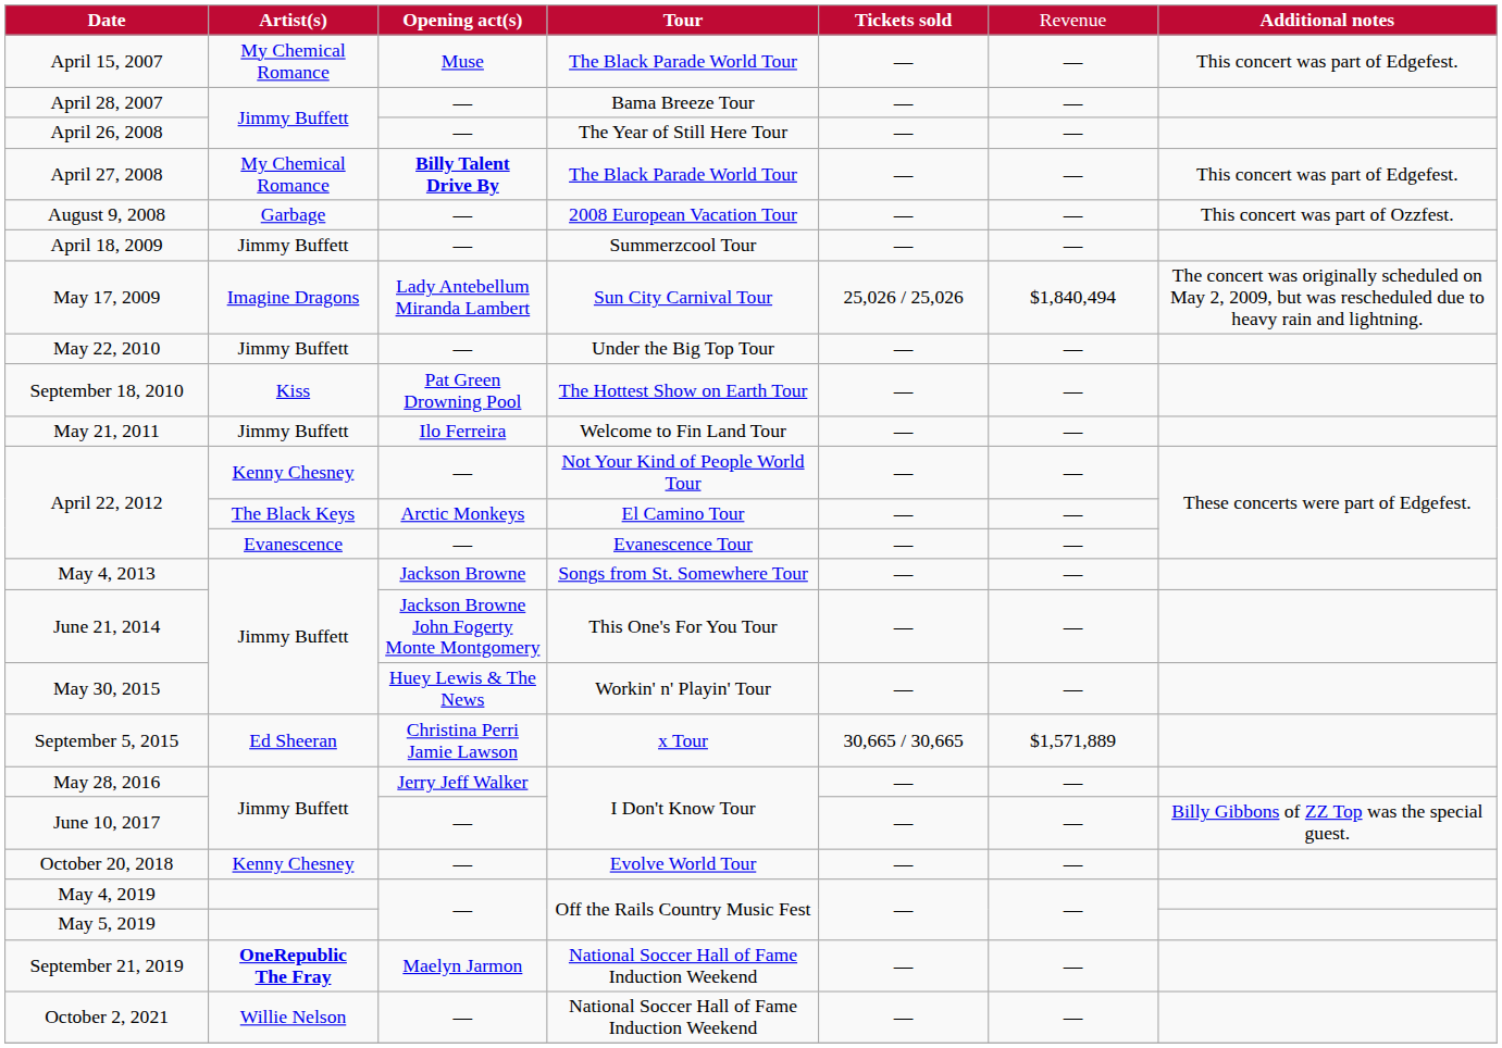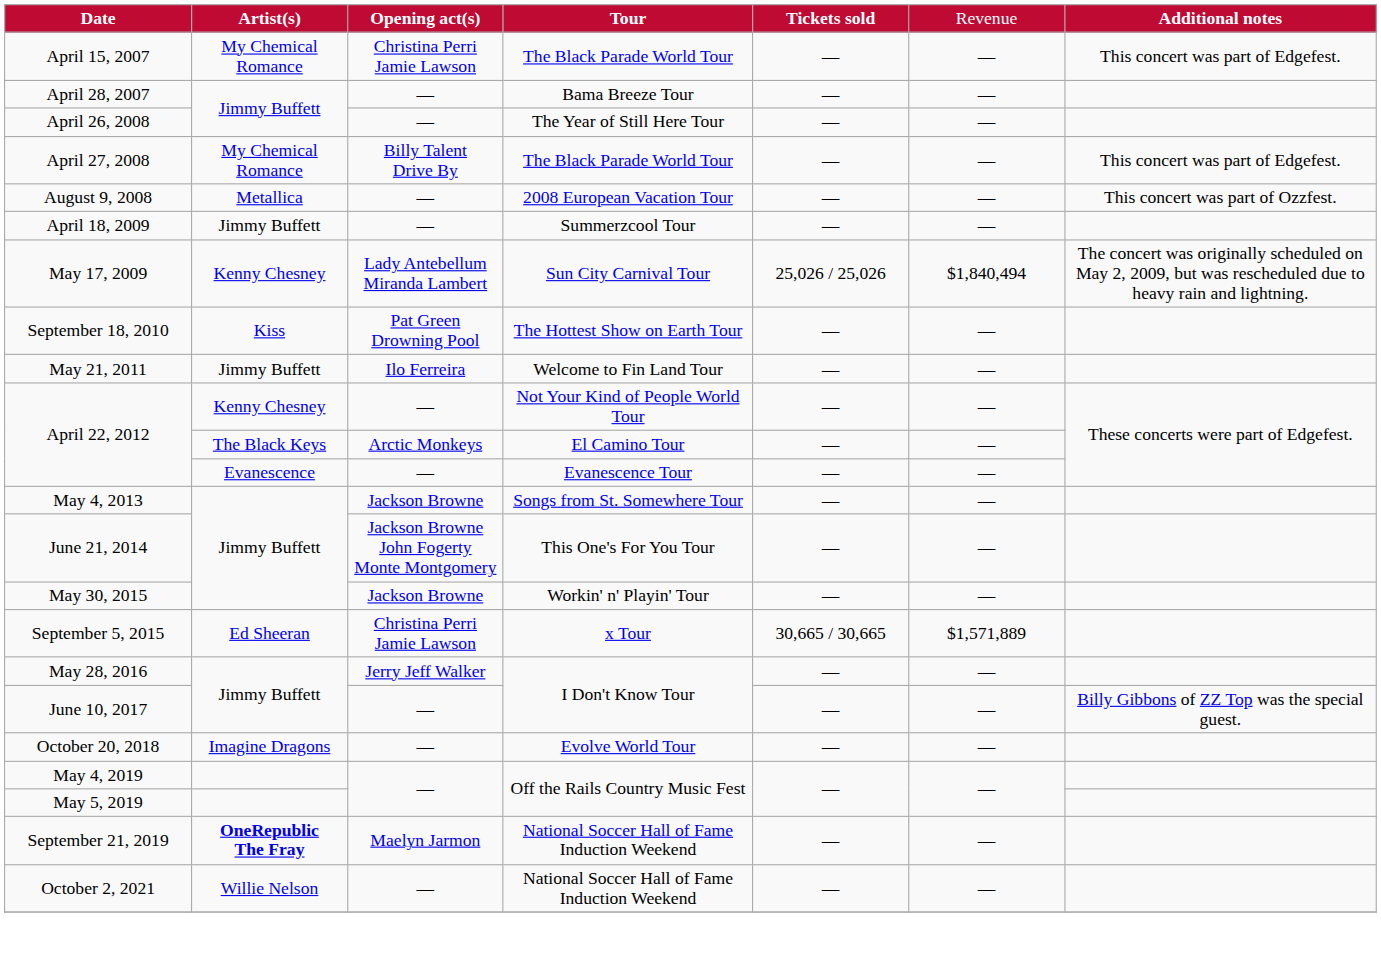 <table class="wikitable" style="text-align:center;">
 <tr>
 <th width=12% style="text-align:center; background:#BF0A34; color:white; ">Date</th>
 <th width=10% style="text-align:center; background:#BF0A34; color:white; ">Artist(s)</th>
 <th width=10% style="text-align:center; background:#BF0A34; color:white; ">Opening act(s)</th>
 <th width=16% style="text-align:center; background:#BF0A34; color:white; ">Tour</th>
 <th width=10% style="text-align:center; background:#BF0A34; color:white; ">Tickets sold</th>
 <td width=10% style="text-align:center; background:#BF0A34; color:white; ">Revenue</td>
 <th width=20% style="text-align:center; background:#BF0A34; color:white; ">Additional notes</th>
 </tr>
 <tr>
 <td>April 15, 2007</td>
 <td><a href='#'>My Chemical Romance</a></td>
-<td><a href='#'>Muse</a></td>
+<td><a href='#'>Christina Perri</a><br><a href='#'>Jamie Lawson</a></td>
 <td><a href='#'>The Black Parade World Tour</a></td>
 <td>—</td>
 <td>—</td>
 <td>This concert was part of Edgefest.</td>
 </tr>
 <tr>
 <td>April 28, 2007</td>
 <td rowspan="2"><a href='#'>Jimmy Buffett</a></td>
 <td>—</td>
 <td>Bama Breeze Tour</td>
 <td>—</td>
 <td>—</td>
 <td></td>
 </tr>
 <tr>
 <td>April 26, 2008</td>
 <td>—</td>
 <td>The Year of Still Here Tour</td>
 <td>—</td>
 <td>—</td>
 <td></td>
 </tr>
 <tr>
 <td>April 27, 2008</td>
 <td><a href='#'>My Chemical Romance</a></td>
-<td><strong><a href='#'>Billy Talent</a><br><a href='#'>Drive By</a></strong></td>
+<td><a href='#'>Billy Talent</a><br><a href='#'>Drive By</a></td>
 <td><a href='#'>The Black Parade World Tour</a></td>
 <td>—</td>
 <td>—</td>
 <td>This concert was part of Edgefest.</td>
 </tr>
 <tr>
 <td>August 9, 2008</td>
-<td><a href='#'>Garbage</a></td>
+<td><a href='#'>Metallica</a></td>
 <td>—</td>
 <td><a href='#'>2008 European Vacation Tour</a></td>
 <td>—</td>
 <td>—</td>
 <td>This concert was part of Ozzfest.</td>
 </tr>
 <tr>
 <td>April 18, 2009</td>
 <td>Jimmy Buffett</td>
 <td>—</td>
 <td>Summerzcool Tour</td>
 <td>—</td>
 <td>—</td>
 <td></td>
 </tr>
 <tr>
 <td>May 17, 2009</td>
-<td><a href='#'>Imagine Dragons</a></td>
+<td><a href='#'>Kenny Chesney</a></td>
 <td><a href='#'>Lady Antebellum</a><br><a href='#'>Miranda Lambert</a></td>
 <td><a href='#'>Sun City Carnival Tour</a></td>
 <td>25,026 / 25,026</td>
 <td>$1,840,494</td>
 <td>The concert was originally scheduled on May 2, 2009, but was rescheduled due to heavy rain and lightning.</td>
-</tr>
-<tr>
-<td>May 22, 2010</td>
-<td>Jimmy Buffett</td>
-<td>—</td>
-<td>Under the Big Top Tour</td>
-<td>—</td>
-<td>—</td>
-<td></td>
 </tr>
 <tr>
 <td>September 18, 2010</td>
 <td><a href='#'>Kiss</a></td>
 <td><a href='#'>Pat Green</a><br><a href='#'>Drowning Pool</a></td>
 <td><a href='#'>The Hottest Show on Earth Tour</a></td>
 <td>—</td>
 <td>—</td>
 <td></td>
 </tr>
 <tr>
 <td>May 21, 2011</td>
 <td>Jimmy Buffett</td>
 <td><a href='#'>Ilo Ferreira</a></td>
 <td>Welcome to Fin Land Tour</td>
 <td>—</td>
 <td>—</td>
 <td></td>
 </tr>
 <tr>
 <td rowspan=3>April 22, 2012</td>
 <td><a href='#'>Kenny Chesney</a></td>
 <td>—</td>
 <td><a href='#'>Not Your Kind of People World Tour</a></td>
 <td>—</td>
 <td>—</td>
 <td rowspan=3>These concerts were part of Edgefest.</td>
 </tr>
 <tr>
 <td><a href='#'>The Black Keys</a></td>
 <td><a href='#'>Arctic Monkeys</a></td>
 <td><a href='#'>El Camino Tour</a></td>
 <td>—</td>
 <td>—</td>
 </tr>
 <tr>
 <td><a href='#'>Evanescence</a></td>
 <td>—</td>
 <td><a href='#'>Evanescence Tour</a></td>
 <td>—</td>
 <td>—</td>
 </tr>
 <tr>
 <td>May 4, 2013</td>
 <td rowspan="3">Jimmy Buffett</td>
 <td><a href='#'>Jackson Browne</a></td>
 <td><a href='#'>Songs from St. Somewhere Tour</a></td>
 <td>—</td>
 <td>—</td>
 <td></td>
 </tr>
 <tr>
 <td>June 21, 2014</td>
 <td><a href='#'>Jackson Browne</a><br><a href='#'>John Fogerty</a><br><a href='#'>Monte Montgomery</a></td>
 <td>This One's For You Tour</td>
 <td>—</td>
 <td>—</td>
 <td></td>
 </tr>
 <tr>
 <td>May 30, 2015</td>
-<td><a href='#'>Huey Lewis & The News</a></td>
+<td><a href='#'>Jackson Browne</a></td>
 <td>Workin' n' Playin' Tour</td>
 <td>—</td>
 <td>—</td>
 <td></td>
 </tr>
 <tr>
 <td>September 5, 2015</td>
 <td><a href='#'>Ed Sheeran</a></td>
 <td><a href='#'>Christina Perri</a><br><a href='#'>Jamie Lawson</a></td>
 <td><a href='#'>x Tour</a></td>
 <td>30,665 / 30,665</td>
 <td>$1,571,889</td>
 <td></td>
 </tr>
 <tr>
 <td>May 28, 2016</td>
 <td rowspan="2">Jimmy Buffett</td>
 <td><a href='#'>Jerry Jeff Walker</a></td>
 <td rowspan="2">I Don't Know Tour</td>
 <td>—</td>
 <td>—</td>
 <td></td>
 </tr>
 <tr>
 <td>June 10, 2017</td>
 <td>—</td>
 <td>—</td>
 <td>—</td>
 <td><a href='#'>Billy Gibbons</a> of <a href='#'>ZZ Top</a> was the special guest.</td>
 </tr>
 <tr>
 <td>October 20, 2018</td>
-<td><a href='#'>Kenny Chesney</a></td>
+<td><a href='#'>Imagine Dragons</a></td>
 <td>—</td>
 <td><a href='#'>Evolve World Tour</a></td>
 <td>—</td>
 <td>—</td>
 <td></td>
 </tr>
 <tr>
 <td>May 4, 2019</td>
 <td></td>
 <td rowspan="2">—</td>
 <td rowspan="2">Off the Rails Country Music Fest</td>
 <td rowspan="2">—</td>
 <td rowspan="2">—</td>
 <td></td>
 </tr>
 <tr>
 <td>May 5, 2019</td>
 <td></td>
 </tr>
 <tr>
 <td>September 21, 2019</td>
 <td><strong><a href='#'>OneRepublic</a><br><a href='#'>The Fray</a></strong></td>
 <td><a href='#'>Maelyn Jarmon</a></td>
 <td><a href='#'>National Soccer Hall of Fame</a> Induction Weekend</td>
 <td>—</td>
 <td>—</td>
 <td></td>
 </tr>
 <tr>
 <td>October 2, 2021</td>
 <td><a href='#'>Willie Nelson</a></td>
 <td>—</td>
 <td>National Soccer Hall of Fame Induction Weekend</td>
 <td>—</td>
 <td>—</td>
 <td></td>
 </tr>
 <tr>
 </tr>
 </table>
